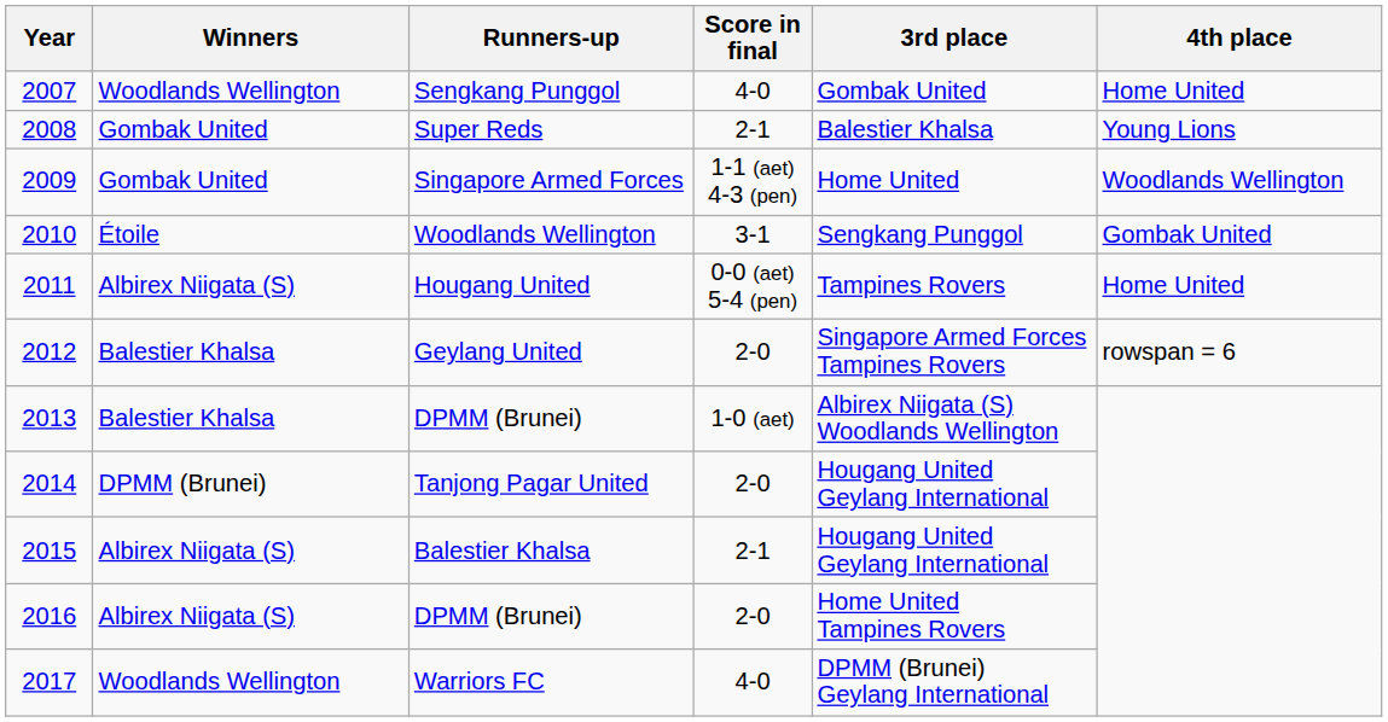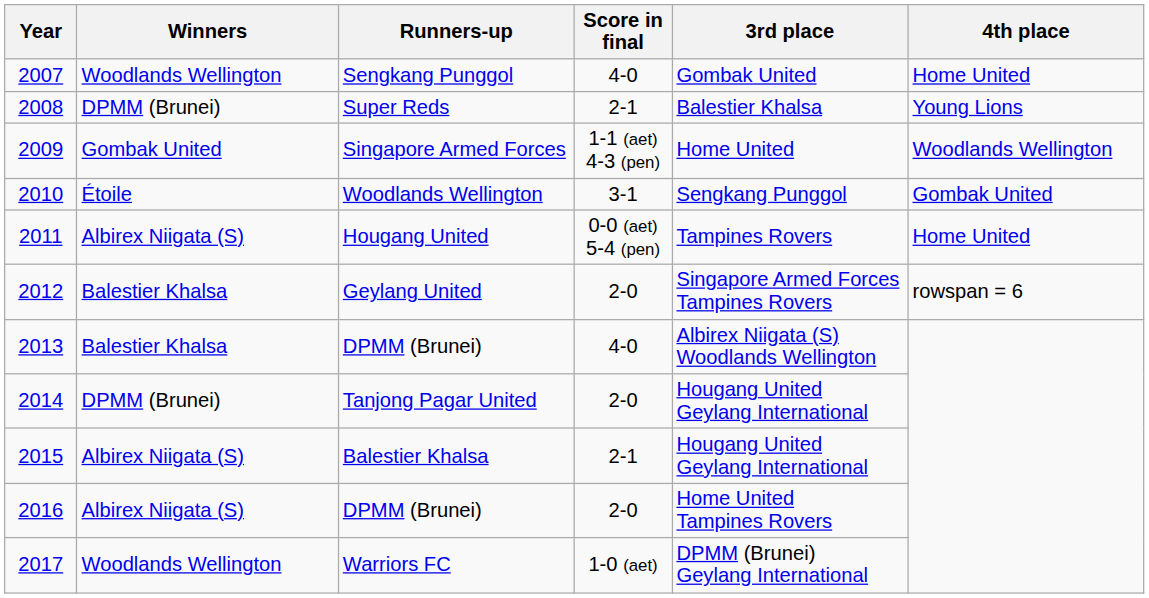 <table class="wikitable">
 <tr>
 <th width='50'>Year</th>
 <th width='200'>Winners</th>
 <th width='180'>Runners-up</th>
 <th width='70'>Score in<br>final</th>
 <th width='180'>3rd place</th>
 <th width='180'>4th place</th>
 </tr>
 <tr>
 <td align='center'><a href='#'>2007</a></td>
 <td><a href='#'>Woodlands Wellington</a></td>
 <td><a href='#'>Sengkang Punggol</a></td>
 <td align='center'>4-0</td>
 <td><a href='#'>Gombak United</a></td>
 <td><a href='#'>Home United</a></td>
 </tr>
 <tr>
 <td align='center'><a href='#'>2008</a></td>
-<td><a href='#'>Gombak United</a></td>
+<td><a href='#'>DPMM</a> (Brunei)</td>
 <td><a href='#'>Super Reds</a></td>
 <td align='center'>2-1</td>
 <td><a href='#'>Balestier Khalsa</a></td>
 <td><a href='#'>Young Lions</a></td>
 </tr>
 <tr>
 <td align='center'><a href='#'>2009</a></td>
 <td><a href='#'>Gombak United</a></td>
 <td><a href='#'>Singapore Armed Forces</a></td>
 <td align='center'>1-1 <small>(aet)</small><br>4-3 <small>(pen)</small></td>
 <td><a href='#'>Home United</a></td>
 <td><a href='#'>Woodlands Wellington</a></td>
 </tr>
 <tr>
 <td align='center'><a href='#'>2010</a></td>
 <td><a href='#'>Étoile</a></td>
 <td><a href='#'>Woodlands Wellington</a></td>
 <td align='center'>3-1</td>
 <td><a href='#'>Sengkang Punggol</a></td>
 <td><a href='#'>Gombak United</a></td>
 </tr>
 <tr>
 <td align='center'><a href='#'>2011</a></td>
 <td><a href='#'>Albirex Niigata (S)</a></td>
 <td><a href='#'>Hougang United</a></td>
 <td align='center'>0-0 <small>(aet)</small><br>5-4 <small>(pen)</small></td>
 <td><a href='#'>Tampines Rovers</a></td>
 <td><a href='#'>Home United</a></td>
 </tr>
 <tr>
 <td align='center'><a href='#'>2012</a></td>
 <td><a href='#'>Balestier Khalsa</a></td>
 <td><a href='#'>Geylang United</a></td>
 <td align='center'>2-0</td>
 <td><a href='#'>Singapore Armed Forces</a><br> <a href='#'>Tampines Rovers</a></td>
 <td>rowspan = 6 </td>
 </tr>
 <tr>
 <td align='center'><a href='#'>2013</a></td>
 <td><a href='#'>Balestier Khalsa</a></td>
 <td><a href='#'>DPMM</a> (Brunei)</td>
-<td align='center'>1-0 <small>(aet)</small></td>
+<td align='center'>4-0</td>
 <td><a href='#'>Albirex Niigata (S)</a><br><a href='#'>Woodlands Wellington</a></td>
 </tr>
 <tr>
 <td align='center'><a href='#'>2014</a></td>
 <td><a href='#'>DPMM</a> (Brunei)</td>
 <td><a href='#'>Tanjong Pagar United</a></td>
 <td align='center'>2-0</td>
 <td><a href='#'>Hougang United</a><br><a href='#'>Geylang International</a></td>
 </tr>
 <tr>
 <td align='center'><a href='#'>2015</a></td>
 <td><a href='#'>Albirex Niigata (S)</a></td>
 <td><a href='#'>Balestier Khalsa</a></td>
 <td align='center'>2-1</td>
 <td><a href='#'>Hougang United</a><br> <a href='#'>Geylang International</a></td>
 </tr>
 <tr>
 <td align='center'><a href='#'>2016</a></td>
 <td><a href='#'>Albirex Niigata (S)</a></td>
 <td><a href='#'>DPMM</a> (Brunei)</td>
 <td align='center'>2-0</td>
 <td><a href='#'>Home United</a><br> <a href='#'>Tampines Rovers</a></td>
 </tr>
 <tr>
 <td align='center'><a href='#'>2017</a></td>
 <td><a href='#'>Woodlands Wellington</a></td>
 <td><a href='#'>Warriors FC</a></td>
-<td align='center'>4-0</td>
+<td align='center'>1-0 <small>(aet)</small></td>
 <td><a href='#'>DPMM</a> (Brunei)<br> <a href='#'>Geylang International</a></td>
 </tr>
 </table>
